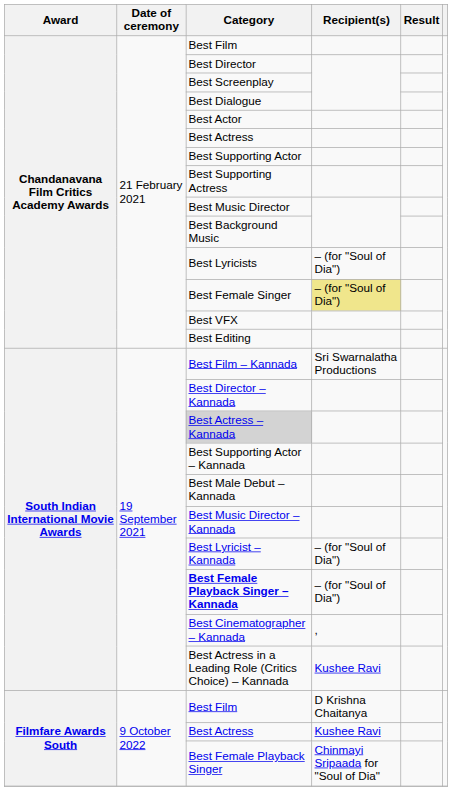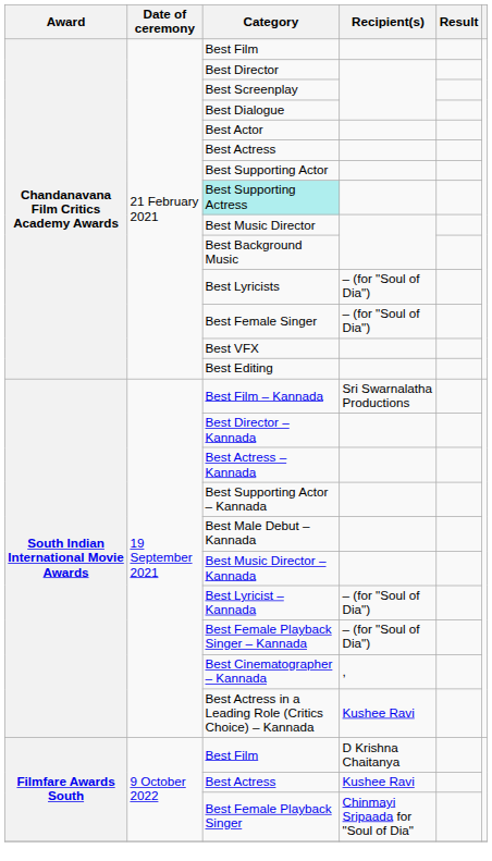 <table class="wikitable plainrowheaders sortable">
 <tr>
 <th scope="col">Award</th>
 <th scope="col">Date of ceremony</th>
 <th scope="col">Category</th>
 <th scope="col">Recipient(s)</th>
 <th scope="col">Result</th>
 <th scope="col" class="unsortable"></th>
 </tr>
 <tr>
 <th scope="row" rowspan="14">Chandanavana Film Critics Academy Awards</th>
 <td rowspan="14">21 February 2021</td>
 <td>Best Film</td>
 <td></td>
 <td></td>
 <td style="text-align:center;" rowspan="14"></td>
 </tr>
 <tr>
 <td>Best Director</td>
 <td rowspan="3"></td>
 <td></td>
 </tr>
 <tr>
 <td>Best Screenplay</td>
 <td></td>
 </tr>
 <tr>
 <td>Best Dialogue</td>
 <td></td>
 </tr>
 <tr>
 <td>Best Actor</td>
 <td></td>
 <td></td>
 </tr>
 <tr>
 <td>Best Actress</td>
 <td></td>
 <td></td>
 </tr>
 <tr>
 <td>Best Supporting Actor</td>
 <td></td>
 <td></td>
 </tr>
 <tr>
-<td>Best Supporting Actress</td>
+<td style="background: paleturquoise;">Best Supporting Actress</td>
 <td></td>
 <td></td>
 </tr>
 <tr>
 <td>Best Music Director</td>
 <td rowspan="2"></td>
 <td></td>
 </tr>
 <tr>
 <td>Best Background Music</td>
 <td></td>
 </tr>
 <tr>
 <td>Best Lyricists</td>
 <td> – (for "Soul of Dia")</td>
 <td></td>
 </tr>
 <tr>
 <td>Best Female Singer</td>
-<td style="background: khaki;"> – (for "Soul of Dia")</td>
+<td> – (for "Soul of Dia")</td>
 <td></td>
 </tr>
 <tr>
 <td>Best VFX</td>
 <td></td>
 <td></td>
 </tr>
 <tr>
 <td>Best Editing</td>
 <td></td>
 <td></td>
 </tr>
 <tr>
 <th scope="row" rowspan="10"><a href='#'>South Indian International Movie Awards</a></th>
 <td rowspan="10"><a href='#'>19 September 2021</a></td>
 <td><a href='#'>Best Film – Kannada</a></td>
 <td>Sri Swarnalatha Productions</td>
 <td></td>
 <td style="text-align:center;" rowspan="10"></td>
 </tr>
 <tr>
 <td><a href='#'>Best Director – Kannada</a></td>
 <td></td>
 <td></td>
 </tr>
 <tr>
-<td style="background: lightgrey;"><a href='#'>Best Actress – Kannada</a></td>
+<td><a href='#'>Best Actress – Kannada</a></td>
 <td></td>
 <td></td>
 </tr>
 <tr>
 <td>Best Supporting Actor – Kannada</td>
 <td></td>
 <td></td>
 </tr>
 <tr>
 <td>Best Male Debut – Kannada</td>
 <td></td>
 <td></td>
 </tr>
 <tr>
 <td><a href='#'>Best Music Director – Kannada</a></td>
 <td></td>
 <td></td>
 </tr>
 <tr>
 <td><a href='#'>Best Lyricist – Kannada</a></td>
 <td> – (for "Soul of Dia")</td>
 <td></td>
 </tr>
 <tr>
-<td><strong><a href='#'>Best Female Playback Singer – Kannada</a></strong></td>
+<td><a href='#'>Best Female Playback Singer – Kannada</a></td>
 <td> – (for "Soul of Dia")</td>
 <td></td>
 </tr>
 <tr>
 <td><a href='#'>Best Cinematographer – Kannada</a></td>
 <td>, </td>
 <td></td>
 </tr>
 <tr>
 <td>Best Actress in a Leading Role (Critics Choice) – Kannada</td>
 <td><a href='#'>Kushee Ravi</a></td>
 <td></td>
 </tr>
 <tr>
 <th scope="row"  rowspan=3><a href='#'>Filmfare Awards South</a></th>
 <td rowspan=3><a href='#'>9 October 2022</a></td>
 <td><a href='#'>Best Film</a></td>
 <td>D Krishna Chaitanya</td>
 <td></td>
 <td rowspan=3></td>
 </tr>
 <tr>
 <td><a href='#'>Best Actress</a></td>
 <td><a href='#'>Kushee Ravi</a></td>
 <td></td>
 </tr>
 <tr>
 <td><a href='#'>Best Female Playback Singer</a></td>
 <td><a href='#'>Chinmayi Sripaada</a> for "Soul of Dia"</td>
 <td></td>
 </tr>
 <tr>
 </tr>
 </table>
